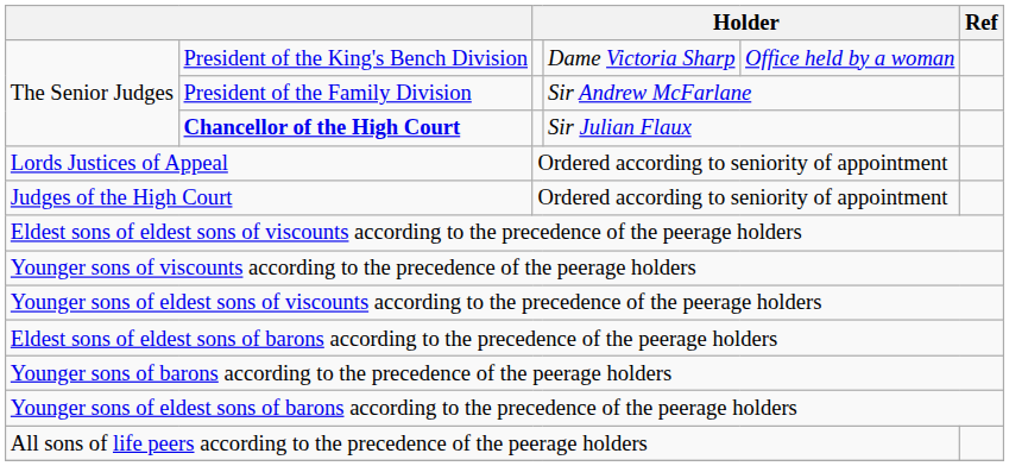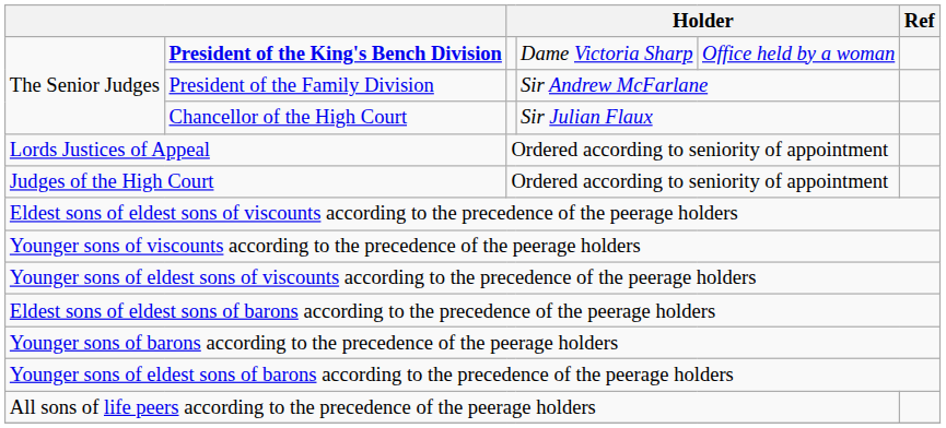 <table class="wikitable">
 <tr>
 <th colspan=2></th>
 <th colspan=4>Holder</th>
 <th>Ref</th>
 </tr>
 <tr>
 <td rowspan=3>The Senior Judges</td>
-<td><a href='#'>President of the King's Bench Division</a></td>
+<td><strong><a href='#'>President of the King's Bench Division</a></strong></td>
 <td style="background: "></td>
 <td colspan=2><em>Dame <a href='#'>Victoria Sharp</a></em></td>
 <td><em><a href='#'>Office held by a woman</a></em></td>
 <td></td>
 </tr>
 <tr>
 <td><a href='#'>President of the Family Division</a></td>
 <td style="background: "></td>
 <td colspan=3><em>Sir <a href='#'>Andrew McFarlane</a></em></td>
 <td></td>
 </tr>
 <tr>
-<td><strong><a href='#'>Chancellor of the High Court</a></strong></td>
+<td><a href='#'>Chancellor of the High Court</a></td>
 <td style="background: "></td>
 <td colspan=3><em>Sir <a href='#'>Julian Flaux</a></em></td>
 <td></td>
 </tr>
 <tr>
 <td colspan=2><a href='#'>Lords Justices of Appeal</a></td>
 <td colspan=4>Ordered according to seniority of appointment</td>
 <td></td>
 </tr>
 <tr>
 <td colspan=2><a href='#'>Judges of the High Court</a></td>
 <td colspan=4>Ordered according to seniority of appointment</td>
 <td></td>
 </tr>
 <tr>
 <td colspan=7><a href='#'>Eldest sons of eldest sons of viscounts</a> according to the precedence of the peerage holders</td>
 </tr>
 <tr>
 <td colspan=7><a href='#'>Younger sons of viscounts</a> according to the precedence of the peerage holders</td>
 </tr>
 <tr>
 <td colspan=7><a href='#'>Younger sons of eldest sons of viscounts</a> according to the precedence of the peerage holders</td>
 </tr>
 <tr>
 <td colspan=7><a href='#'>Eldest sons of eldest sons of barons</a> according to the precedence of the peerage holders</td>
 </tr>
 <tr>
 <td colspan=7><a href='#'>Younger sons of barons</a> according to the precedence of the peerage holders</td>
 </tr>
 <tr>
 <td colspan=7><a href='#'>Younger sons of eldest sons of barons</a> according to the precedence of the peerage holders</td>
 </tr>
 <tr>
 <td colspan=6>All sons of <a href='#'>life peers</a> according to the precedence of the peerage holders</td>
 <td></td>
 </tr>
 <tr>
 </tr>
 </table>
